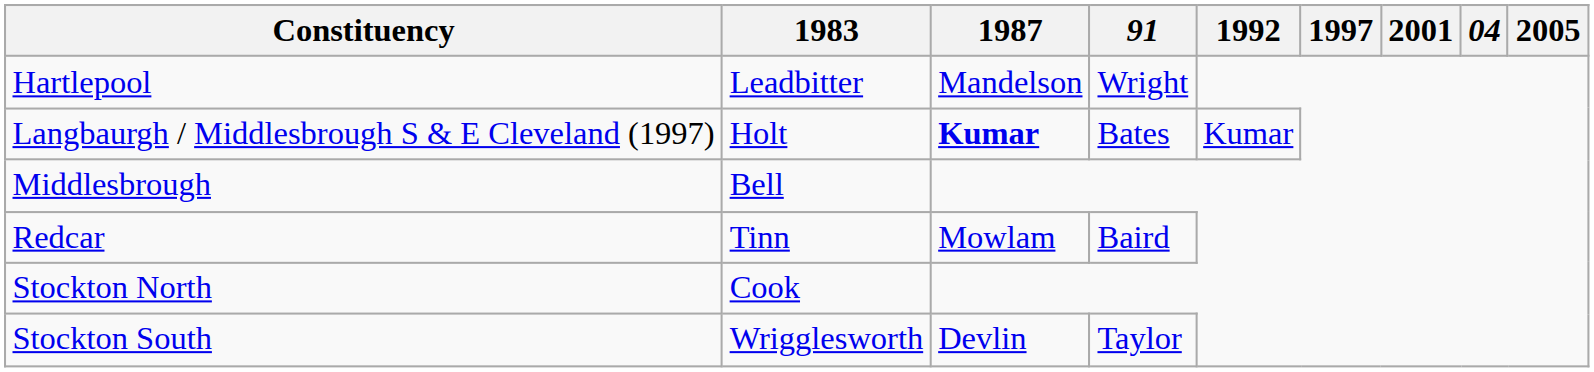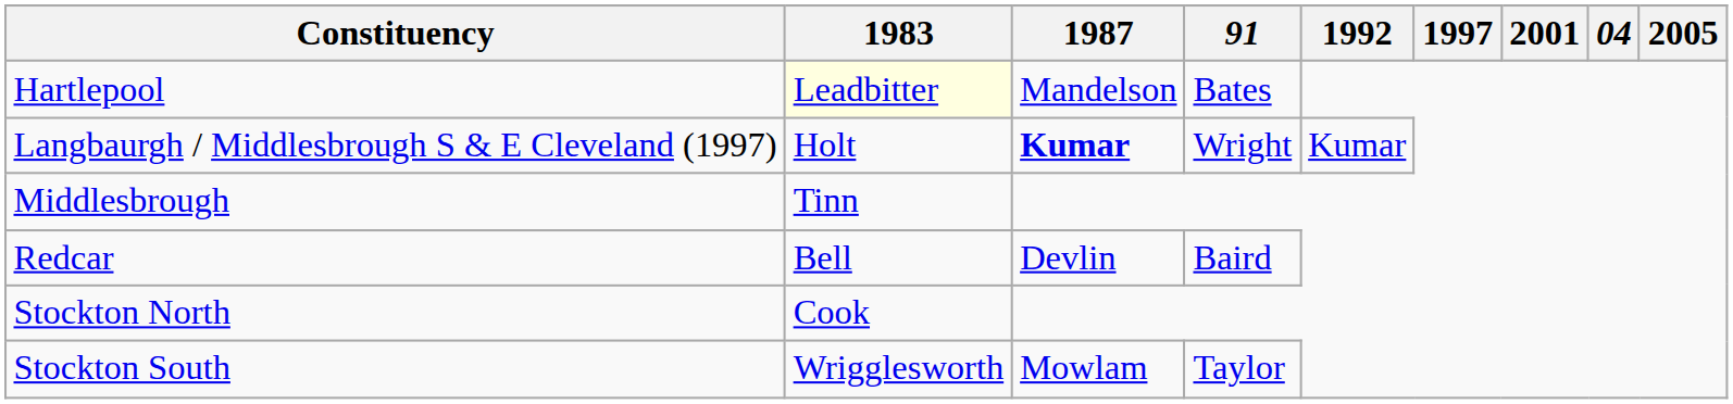 <table class="wikitable">
 <tr>
 <th>Constituency</th>
 <th>1983</th>
 <th>1987</th>
 <th><em>91</em></th>
 <th>1992</th>
 <th>1997</th>
 <th>2001</th>
 <th><em>04</em></th>
 <th>2005</th>
 </tr>
 <tr>
 <td><a href='#'>Hartlepool</a></td>
-<td><a href='#'>Leadbitter</a></td>
+<td style="background: lightyellow;"><a href='#'>Leadbitter</a></td>
 <td><a href='#'>Mandelson</a></td>
-<td><a href='#'>Wright</a></td>
+<td><a href='#'>Bates</a></td>
 </tr>
 <tr>
 <td><a href='#'>Langbaurgh</a> / <a href='#'>Middlesbrough S & E Cleveland</a> (1997)</td>
 <td><a href='#'>Holt</a></td>
 <td><strong><a href='#'>Kumar</a></strong></td>
-<td><a href='#'>Bates</a></td>
+<td><a href='#'>Wright</a></td>
 <td><a href='#'>Kumar</a></td>
 </tr>
 <tr>
 <td><a href='#'>Middlesbrough</a></td>
-<td><a href='#'>Bell</a></td>
+<td><a href='#'>Tinn</a></td>
 </tr>
 <tr>
 <td><a href='#'>Redcar</a></td>
-<td><a href='#'>Tinn</a></td>
-<td><a href='#'>Mowlam</a></td>
+<td><a href='#'>Bell</a></td>
+<td><a href='#'>Devlin</a></td>
 <td><a href='#'>Baird</a></td>
 </tr>
 <tr>
 <td><a href='#'>Stockton North</a></td>
 <td><a href='#'>Cook</a></td>
 </tr>
 <tr>
 <td><a href='#'>Stockton South</a></td>
 <td><a href='#'>Wrigglesworth</a></td>
-<td><a href='#'>Devlin</a></td>
+<td><a href='#'>Mowlam</a></td>
 <td><a href='#'>Taylor</a></td>
 </tr>
 </table>
